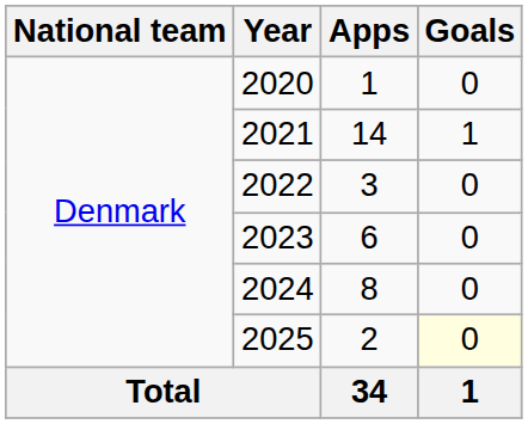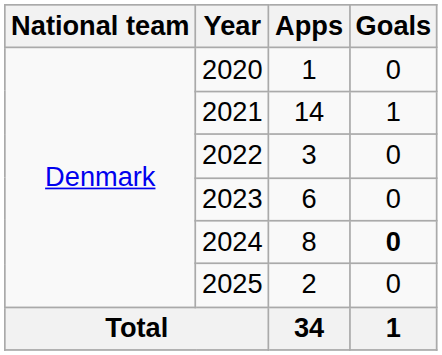 <table class="wikitable" style="text-align:center">
 <tr>
 <th>National team</th>
 <th>Year</th>
 <th>Apps</th>
 <th>Goals</th>
 </tr>
 <tr>
 <td rowspan="6"><a href='#'>Denmark</a></td>
 <td>2020</td>
 <td>1</td>
 <td>0</td>
 </tr>
 <tr>
 <td>2021</td>
 <td>14</td>
 <td>1</td>
 </tr>
 <tr>
 <td>2022</td>
 <td>3</td>
 <td>0</td>
 </tr>
 <tr>
 <td>2023</td>
 <td>6</td>
 <td>0</td>
 </tr>
 <tr>
 <td>2024</td>
 <td>8</td>
-<td>0</td>
+<td><strong>0</strong></td>
 </tr>
 <tr>
 <td>2025</td>
 <td>2</td>
-<td style="background: lightyellow;">0</td>
+<td>0</td>
 </tr>
 <tr>
 <th colspan="2">Total</th>
 <th>34</th>
 <th>1</th>
 </tr>
 </table>
